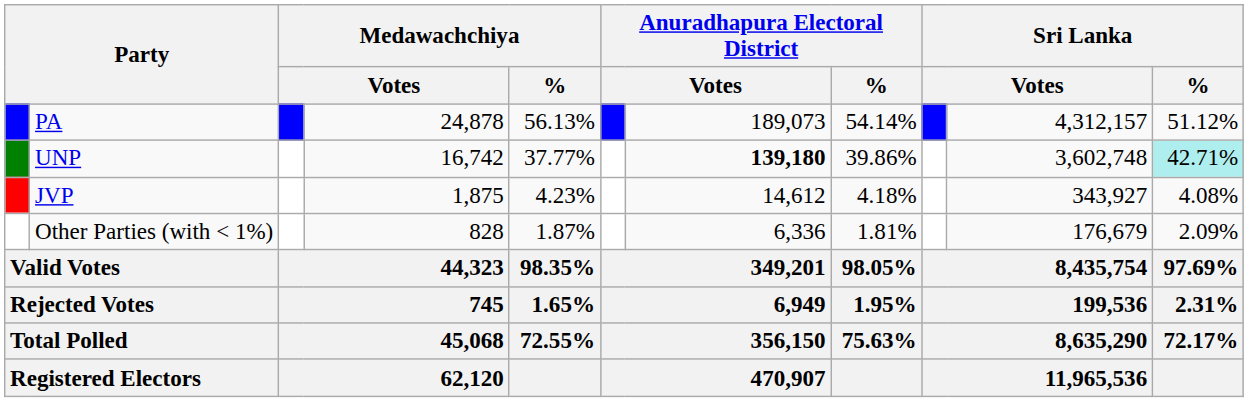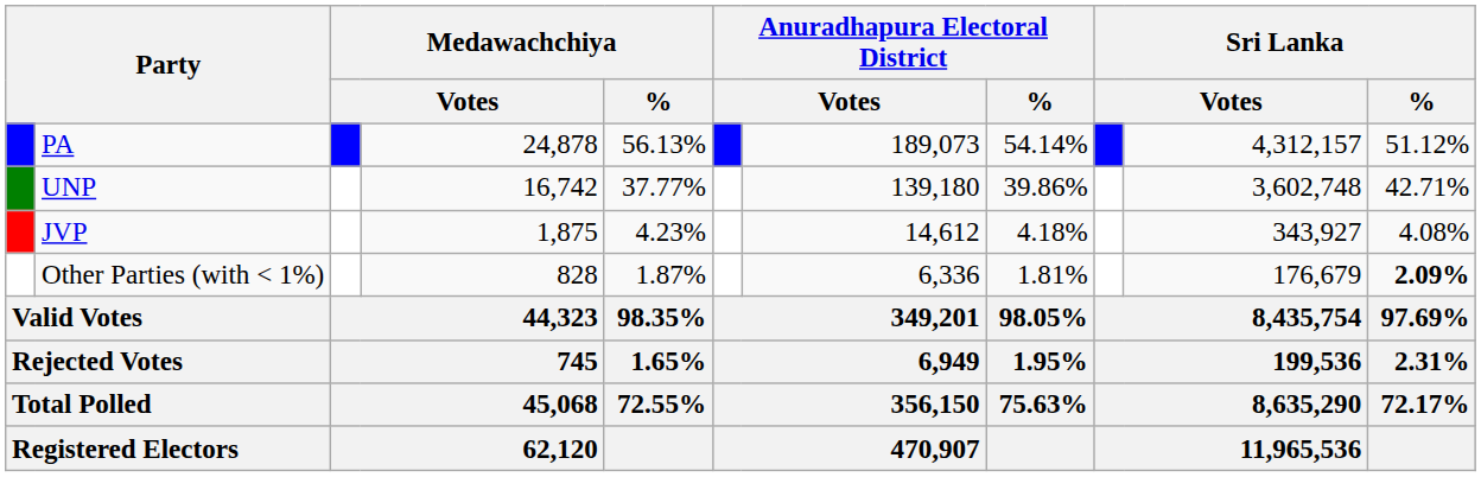 <table class="wikitable">
 <tr>
 <th colspan="2" width="144px"rowspan="2">Party</th>
 <th colspan="3" width="216px">Medawachchiya</th>
 <th colspan="3" width="216px"><a href='#'>Anuradhapura Electoral District</a></th>
 <th colspan="3" width="216px">Sri Lanka</th>
 </tr>
 <tr>
 <th colspan="2" width="144px">Votes</th>
 <th>%</th>
 <th colspan="2" width="144px">Votes</th>
 <th>%</th>
 <th colspan="2" width="144px">Votes</th>
 <th>%</th>
 </tr>
 <tr>
 <td style="background-color:blue;" width="10px"></td>
 <td style="text-align:left;"><a href='#'>PA</a></td>
 <td style="background-color:blue;" width="10px"></td>
 <td style="text-align:right;">24,878</td>
 <td style="text-align:right;">56.13%</td>
 <td style="background-color:blue;" width="10px"></td>
 <td style="text-align:right;">189,073</td>
 <td style="text-align:right;">54.14%</td>
 <td style="background-color:blue;" width="10px"></td>
 <td style="text-align:right;">4,312,157</td>
 <td style="text-align:right;">51.12%</td>
 </tr>
 <tr>
 <td style="background-color:green;" width="10px"></td>
 <td style="text-align:left;"><a href='#'>UNP</a></td>
 <td style="background-color:white;" width="10px"></td>
 <td style="text-align:right;">16,742</td>
 <td style="text-align:right;">37.77%</td>
 <td style="background-color:white;" width="10px"></td>
-<td style="text-align:right;"><strong>139,180</strong></td>
+<td style="text-align:right;">139,180</td>
 <td style="text-align:right;">39.86%</td>
 <td style="background-color:white;" width="10px"></td>
 <td style="text-align:right;">3,602,748</td>
-<td style="background: paleturquoise; text-align:right;">42.71%</td>
+<td style="text-align:right;">42.71%</td>
 </tr>
 <tr>
 <td style="background-color:red;" width="10px"></td>
 <td style="text-align:left;"><a href='#'>JVP</a></td>
 <td style="background-color:white;" width="10px"></td>
 <td style="text-align:right;">1,875</td>
 <td style="text-align:right;">4.23%</td>
 <td style="background-color:white;" width="10px"></td>
 <td style="text-align:right;">14,612</td>
 <td style="text-align:right;">4.18%</td>
 <td style="background-color:white;" width="10px"></td>
 <td style="text-align:right;">343,927</td>
 <td style="text-align:right;">4.08%</td>
 </tr>
 <tr>
 <td style="background-color:white;" width="10px"></td>
 <td style="text-align:left;">Other Parties (with < 1%)</td>
 <td style="background-color:white;" width="10px"></td>
 <td style="text-align:right;">828</td>
 <td style="text-align:right;">1.87%</td>
 <td style="background-color:white;" width="10px"></td>
 <td style="text-align:right;">6,336</td>
 <td style="text-align:right;">1.81%</td>
 <td style="background-color:white;" width="10px"></td>
 <td style="text-align:right;">176,679</td>
-<td style="text-align:right;">2.09%</td>
+<td style="text-align:right;"><strong>2.09%</strong></td>
 </tr>
 <tr>
 <th colspan="2" width="144px"style="text-align:left;">Valid Votes</th>
 <th style="text-align:right;"colspan="2" width="144px">44,323</th>
 <th style="text-align:right;">98.35%</th>
 <th style="text-align:right;"colspan="2" width="144px">349,201</th>
 <th style="text-align:right;">98.05%</th>
 <th style="text-align:right;"colspan="2" width="144px">8,435,754</th>
 <th style="text-align:right;">97.69%</th>
 </tr>
 <tr>
 <th colspan="2" width="144px"style="text-align:left;">Rejected Votes</th>
 <th style="text-align:right;"colspan="2" width="144px">745</th>
 <th style="text-align:right;">1.65%</th>
 <th style="text-align:right;"colspan="2" width="144px">6,949</th>
 <th style="text-align:right;">1.95%</th>
 <th style="text-align:right;"colspan="2" width="144px">199,536</th>
 <th style="text-align:right;">2.31%</th>
 </tr>
 <tr>
 <th colspan="2" width="144px"style="text-align:left;">Total Polled</th>
 <th style="text-align:right;"colspan="2" width="144px">45,068</th>
 <th style="text-align:right;">72.55%</th>
 <th style="text-align:right;"colspan="2" width="144px">356,150</th>
 <th style="text-align:right;">75.63%</th>
 <th style="text-align:right;"colspan="2" width="144px">8,635,290</th>
 <th style="text-align:right;">72.17%</th>
 </tr>
 <tr>
 <th colspan="2" width="144px"style="text-align:left;">Registered Electors</th>
 <th style="text-align:right;"colspan="2" width="144px">62,120</th>
 <th></th>
 <th style="text-align:right;"colspan="2" width="144px">470,907</th>
 <th></th>
 <th style="text-align:right;"colspan="2" width="144px">11,965,536</th>
 <th></th>
 </tr>
 </table>
